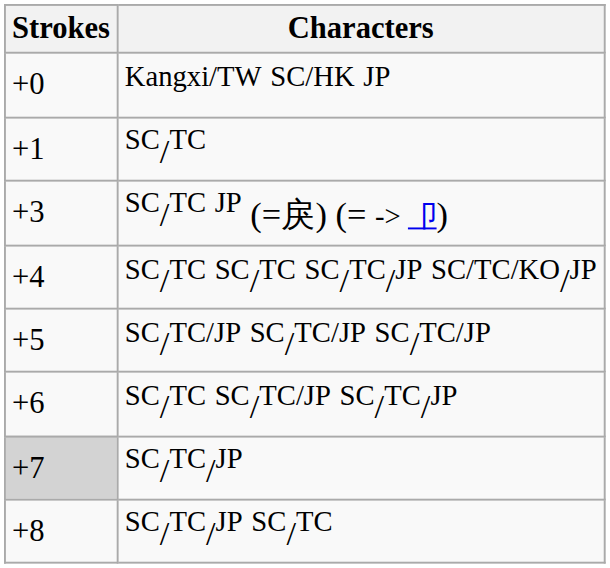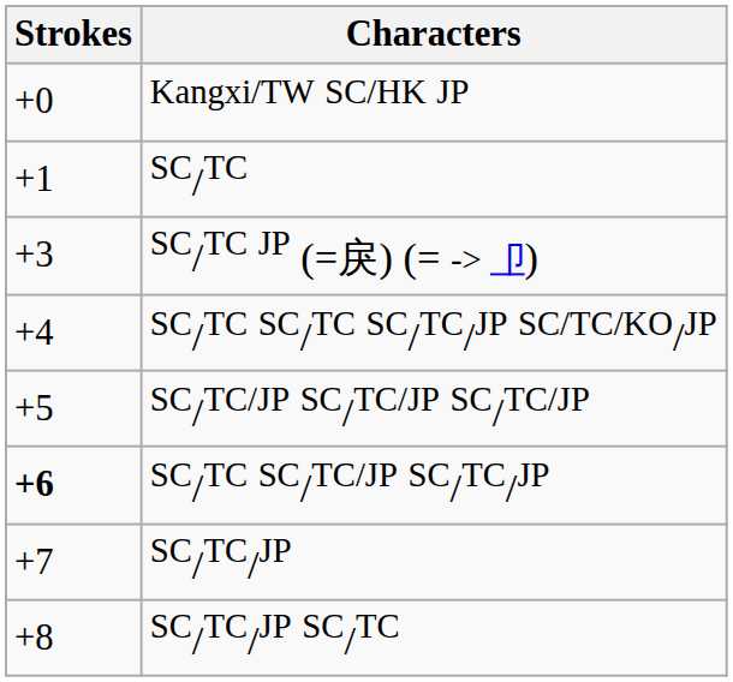 <table class="wikitable">
 <tr>
 <th>Strokes</th>
 <th>Characters</th>
 </tr>
 <tr --->
 <td>+0</td>
 <td style="font-size: large;"><sup>Kangxi/TW</sup> <sup>SC/HK</sup> <sup>JP</sup></td>
 </tr>
 <tr --->
 <td>+1</td>
 <td style="font-size: large;"><sup>SC</sup>/<sup>TC</sup></td>
 </tr>
 <tr --->
 <td>+3</td>
 <td style="font-size: large;"><sup>SC</sup>/<sup>TC</sup> <sup>JP</sup> (=戾)  (= <small>-> <a href='#'>卩</a></small>)</td>
 </tr>
 <tr --->
 <td>+4</td>
 <td style="font-size: large;"><sup>SC</sup>/<sup>TC</sup> <sup>SC</sup>/<sup>TC</sup> <sup>SC</sup>/<sup>TC</sup>/<sup>JP</sup> <sup>SC/TC/KO</sup>/<sup>JP</sup></td>
 </tr>
 <tr --->
 <td>+5</td>
 <td style="font-size: large;"><sup>SC</sup>/<sup>TC/JP</sup> <sup>SC</sup>/<sup>TC/JP</sup> <sup>SC</sup>/<sup>TC/JP</sup></td>
 </tr>
 <tr --->
-<td>+6</td>
+<td><strong>+6</strong></td>
 <td style="font-size: large;"> <sup>SC</sup>/<sup>TC</sup> <sup>SC</sup>/<sup>TC/JP</sup> <sup>SC</sup>/<sup>TC</sup>/<sup>JP</sup></td>
 </tr>
 <tr --->
-<td style="background: lightgrey;">+7</td>
+<td>+7</td>
 <td style="font-size: large;"><sup>SC</sup>/<sup>TC</sup>/<sup>JP</sup></td>
 </tr>
 <tr --->
 <td>+8</td>
 <td style="font-size: large;"><sup>SC</sup>/<sup>TC</sup>/<sup>JP</sup> <sup>SC</sup>/<sup>TC</sup></td>
 </tr>
 </table>
